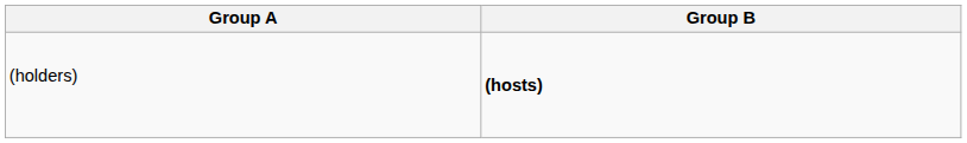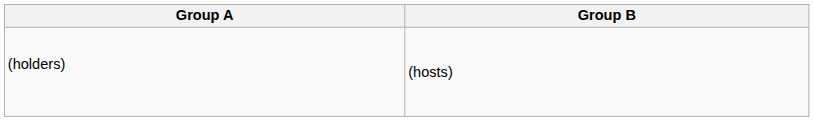 <table class="wikitable" width="70%">
 <tr>
 <th>Group A</th>
 <th>Group B</th>
 </tr>
 <tr>
 <td><br> (holders)<br> <br> <br> </td>
-<td><strong><br><br>  (hosts)<br> <br> <br> </strong></td>
+<td><br><br>  (hosts)<br> <br> <br> </td>
 </tr>
 </table>
